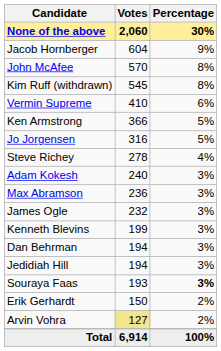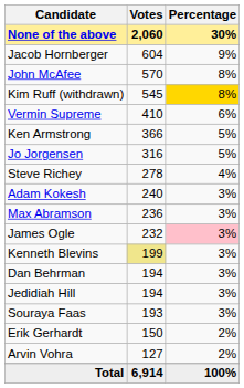 <table class="wikitable" style="text-align:right;">
 <tr>
 <th>Candidate</th>
 <th>Votes</th>
 <th>Percentage</th>
 </tr>
 <tr style="background:#ffef99;">
 <td style="text-align:left;"><strong><a href='#'>None of the above</a></strong></td>
 <td><strong>2,060</strong></td>
 <td><strong>30%</strong></td>
 </tr>
 <tr>
 <td style="text-align:left;">Jacob Hornberger</td>
 <td>604</td>
 <td>9%</td>
 </tr>
 <tr>
 <td style="text-align:left;"><a href='#'>John McAfee</a></td>
 <td>570</td>
 <td>8%</td>
 </tr>
 <tr>
 <td style="text-align:left;">Kim Ruff (withdrawn)</td>
 <td>545</td>
-<td>8%</td>
+<td style="background: gold;">8%</td>
 </tr>
 <tr>
 <td style="text-align:left;"><a href='#'>Vermin Supreme</a></td>
 <td>410</td>
 <td>6%</td>
 </tr>
 <tr>
 <td style="text-align:left;">Ken Armstrong</td>
 <td>366</td>
 <td>5%</td>
 </tr>
 <tr>
 <td style="text-align:left;"><a href='#'>Jo Jorgensen</a></td>
 <td>316</td>
 <td>5%</td>
 </tr>
 <tr>
 <td style="text-align:left;">Steve Richey</td>
 <td>278</td>
 <td>4%</td>
 </tr>
 <tr>
 <td style="text-align:left;"><a href='#'>Adam Kokesh</a></td>
 <td>240</td>
 <td>3%</td>
 </tr>
 <tr>
 <td style="text-align:left;"><a href='#'>Max Abramson</a></td>
 <td>236</td>
 <td>3%</td>
 </tr>
 <tr>
 <td style="text-align:left;">James Ogle</td>
 <td>232</td>
-<td>3%</td>
+<td style="background: pink;">3%</td>
 </tr>
 <tr>
 <td style="text-align:left;">Kenneth Blevins</td>
-<td>199</td>
+<td style="background: khaki;">199</td>
 <td>3%</td>
 </tr>
 <tr>
 <td style="text-align:left;">Dan Behrman</td>
 <td>194</td>
 <td>3%</td>
 </tr>
 <tr>
 <td style="text-align:left;">Jedidiah Hill</td>
 <td>194</td>
 <td>3%</td>
 </tr>
 <tr>
 <td style="text-align:left;">Souraya Faas</td>
 <td>193</td>
-<td><strong>3%</strong></td>
+<td>3%</td>
 </tr>
 <tr>
 <td style="text-align:left;">Erik Gerhardt</td>
 <td>150</td>
 <td>2%</td>
 </tr>
 <tr>
 <td style="text-align:left;">Arvin Vohra</td>
-<td style="background: khaki;">127</td>
+<td>127</td>
 <td>2%</td>
 </tr>
 <tr>
 </tr>
 <tr style="background:#eee;">
 <td style="margin-right:0.50px"><strong>Total</strong></td>
 <td style="margin-right:0.50px"><strong>6,914</strong></td>
 <td style="margin-right:0.50px"><strong>100%</strong></td>
 </tr>
 </table>
